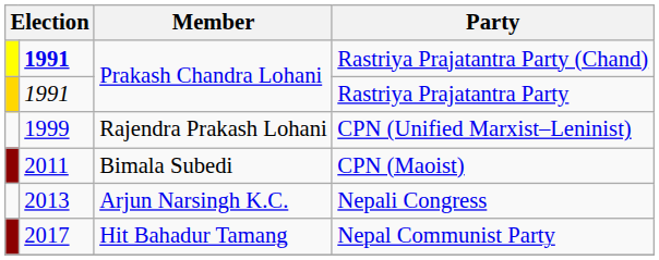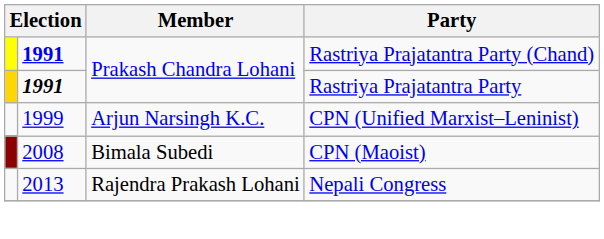 <table class="wikitable">
 <tr>
 <th colspan="2">Election</th>
 <th>Member</th>
 <th>Party</th>
 </tr>
 <tr>
 <td style="background-color:yellow"></td>
 <td><strong><a href='#'>1991</a></strong></td>
 <td rowspan="2"><a href='#'>Prakash Chandra Lohani</a></td>
 <td><a href='#'>Rastriya Prajatantra Party (Chand)</a></td>
 </tr>
 <tr>
 <td style="background-color:gold"></td>
-<td><em>1991</em></td>
+<td><strong><em>1991</em></strong></td>
 <td><a href='#'>Rastriya Prajatantra Party</a></td>
 </tr>
 <tr>
 <td style="background-color:"></td>
 <td><a href='#'>1999</a></td>
-<td>Rajendra Prakash Lohani</td>
+<td><a href='#'>Arjun Narsingh K.C.</a></td>
 <td><a href='#'>CPN (Unified Marxist–Leninist)</a></td>
 </tr>
 <tr>
 <td style="background-color:darkred"></td>
-<td><a href='#'>2011</a></td>
+<td><a href='#'>2008</a></td>
 <td>Bimala Subedi</td>
 <td><a href='#'>CPN (Maoist)</a></td>
 </tr>
 <tr>
 <td style="background-color:"></td>
 <td><a href='#'>2013</a></td>
-<td><a href='#'>Arjun Narsingh K.C.</a></td>
+<td>Rajendra Prakash Lohani</td>
 <td><a href='#'>Nepali Congress</a></td>
-</tr>
-<tr>
-<td style="background-color:darkred"></td>
-<td><a href='#'>2017</a></td>
-<td><a href='#'>Hit Bahadur Tamang</a></td>
-<td><a href='#'>Nepal Communist Party</a></td>
 </tr>
 <tr>
 </tr>
 </table>
